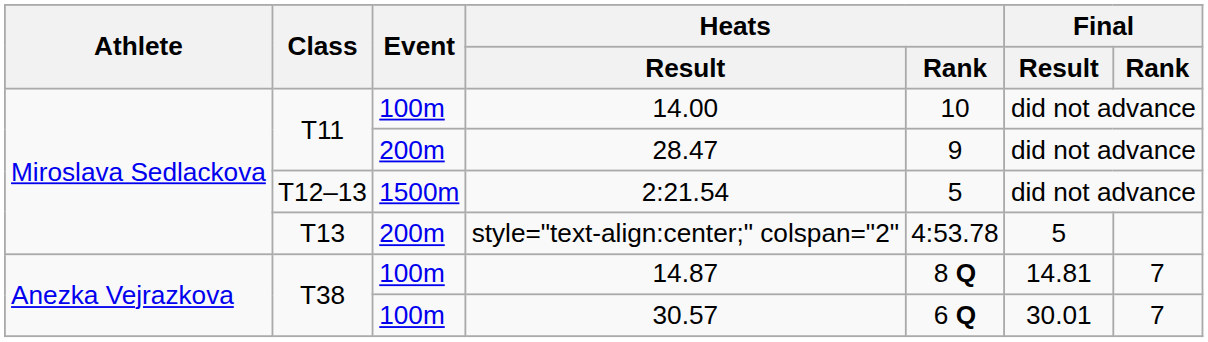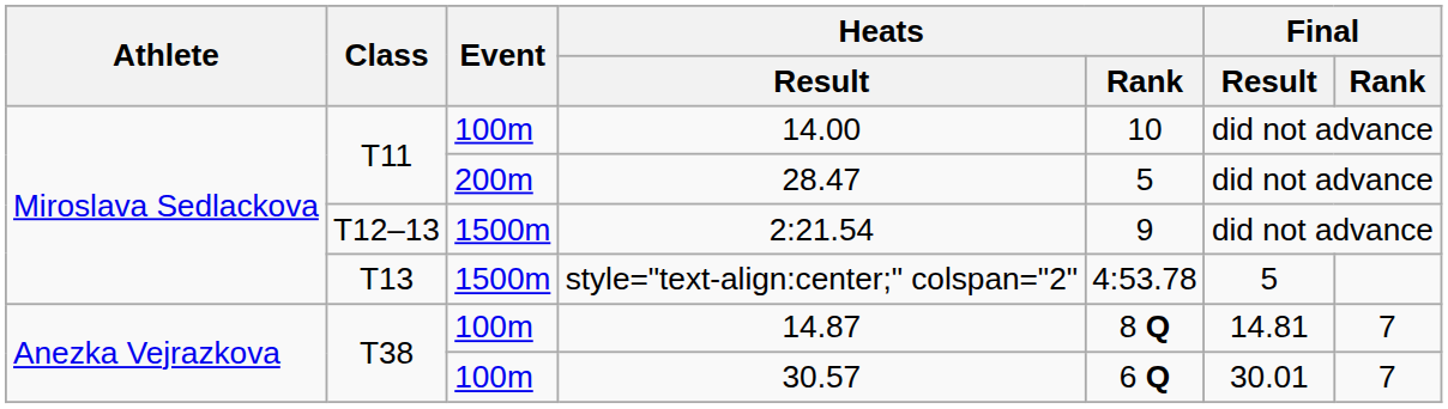 <table class=wikitable style="font-size:90%">
 <tr>
 <th rowspan="2">Athlete</th>
 <th rowspan="2">Class</th>
 <th rowspan="2">Event</th>
 <th colspan="2">Heats</th>
 <th colspan="2">Final</th>
 </tr>
 <tr>
 <th>Result</th>
 <th>Rank</th>
 <th>Result</th>
 <th>Rank</th>
 </tr>
 <tr>
 <td rowspan="4"><a href='#'>Miroslava Sedlackova</a></td>
 <td rowspan="2" style="text-align:center;">T11</td>
 <td><a href='#'>100m</a></td>
 <td style="text-align:center;">14.00</td>
 <td style="text-align:center;">10</td>
 <td style="text-align:center;" colspan="2">did not advance</td>
 </tr>
 <tr>
 <td><a href='#'>200m</a></td>
 <td style="text-align:center;">28.47</td>
-<td style="text-align:center;">9</td>
+<td style="text-align:center;">5</td>
 <td style="text-align:center;" colspan="2">did not advance</td>
 </tr>
 <tr>
 <td style="text-align:center;">T12–13</td>
 <td><a href='#'>1500m</a></td>
 <td style="text-align:center;">2:21.54</td>
-<td style="text-align:center;">5</td>
+<td style="text-align:center;">9</td>
 <td style="text-align:center;" colspan="2">did not advance</td>
 </tr>
 <tr>
 <td style="text-align:center;">T13</td>
-<td><a href='#'>200m</a></td>
+<td><a href='#'>1500m</a></td>
 <td>style="text-align:center;" colspan="2" </td>
 <td style="text-align:center;">4:53.78</td>
 <td style="text-align:center;">5</td>
 </tr>
 <tr>
 <td rowspan="2"><a href='#'>Anezka Vejrazkova</a></td>
 <td rowspan="2" style="text-align:center;">T38</td>
 <td><a href='#'>100m</a></td>
 <td style="text-align:center;">14.87</td>
 <td style="text-align:center;">8 <strong>Q</strong></td>
 <td style="text-align:center;">14.81</td>
 <td style="text-align:center;">7</td>
 </tr>
 <tr>
 <td><a href='#'>100m</a></td>
 <td style="text-align:center;">30.57</td>
 <td style="text-align:center;">6 <strong>Q</strong></td>
 <td style="text-align:center;">30.01</td>
 <td style="text-align:center;">7</td>
 </tr>
 </table>
